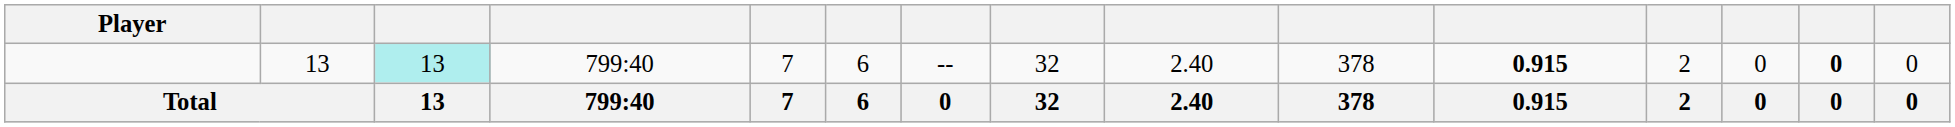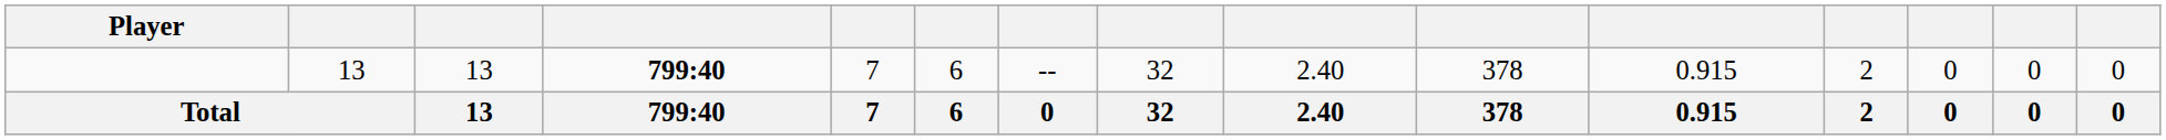 <table class="wikitable sortable" style="width:100%; text-align:center;">
 <tr>
 <th>Player</th>
 <th></th>
 <th></th>
 <th></th>
 <th></th>
 <th></th>
 <th></th>
 <th></th>
 <th></th>
 <th></th>
 <th></th>
 <th></th>
 <th></th>
 <th></th>
 <th></th>
 </tr>
 <tr>
 <td></td>
 <td>13</td>
-<td style="background: paleturquoise;">13</td>
-<td>799:40</td>
+<td>13</td>
+<td><strong>799:40</strong></td>
 <td>7</td>
 <td>6</td>
 <td>--</td>
 <td>32</td>
 <td>2.40</td>
 <td>378</td>
-<td><strong>0.915</strong></td>
+<td>0.915</td>
 <td>2</td>
 <td>0</td>
-<td><strong>0</strong></td>
+<td>0</td>
 <td>0</td>
 </tr>
 <tr class="sortbottom">
 <th colspan=2>Total</th>
 <th>13</th>
 <th>799:40</th>
 <th>7</th>
 <th>6</th>
 <th>0</th>
 <th>32</th>
 <th>2.40</th>
 <th>378</th>
 <th>0.915</th>
 <th>2</th>
 <th>0</th>
 <th>0</th>
 <th>0</th>
 </tr>
 </table>
